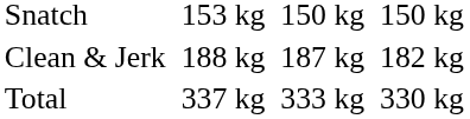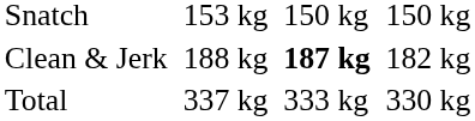 <table>
 <tr>
 <td>Snatch</td>
 <td></td>
 <td>153 kg</td>
 <td></td>
 <td>150 kg</td>
 <td></td>
 <td>150 kg</td>
 </tr>
 <tr>
 <td>Clean & Jerk</td>
 <td></td>
 <td>188 kg</td>
 <td></td>
-<td>187 kg</td>
+<td><strong>187 kg</strong></td>
 <td></td>
 <td>182 kg</td>
 </tr>
 <tr>
 <td>Total</td>
 <td></td>
 <td>337 kg</td>
 <td></td>
 <td>333 kg</td>
 <td></td>
 <td>330 kg</td>
 </tr>
 </table>
